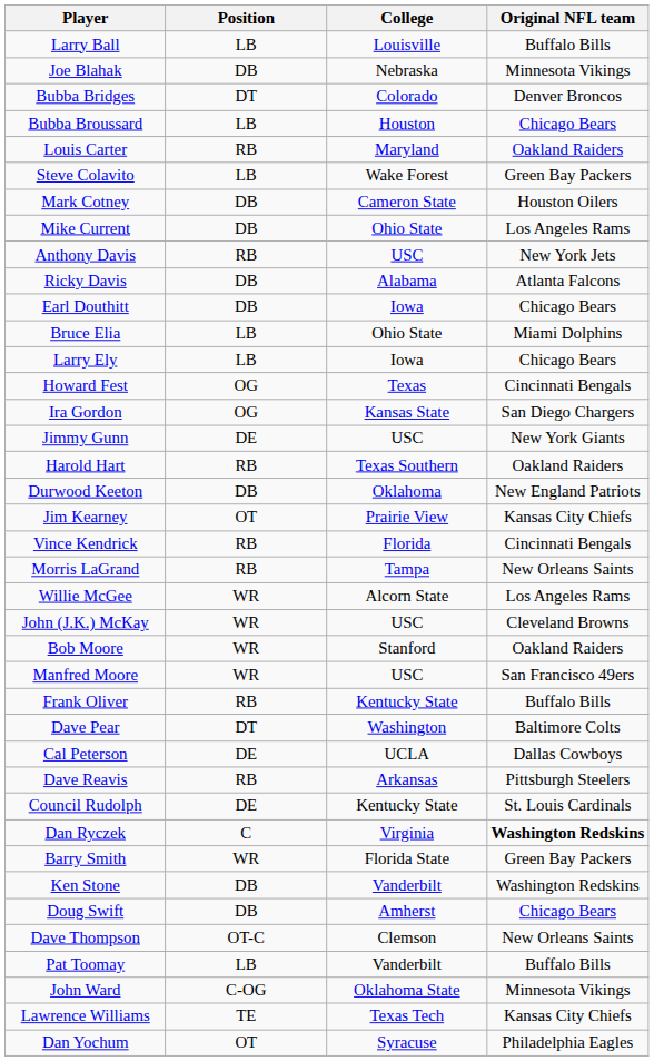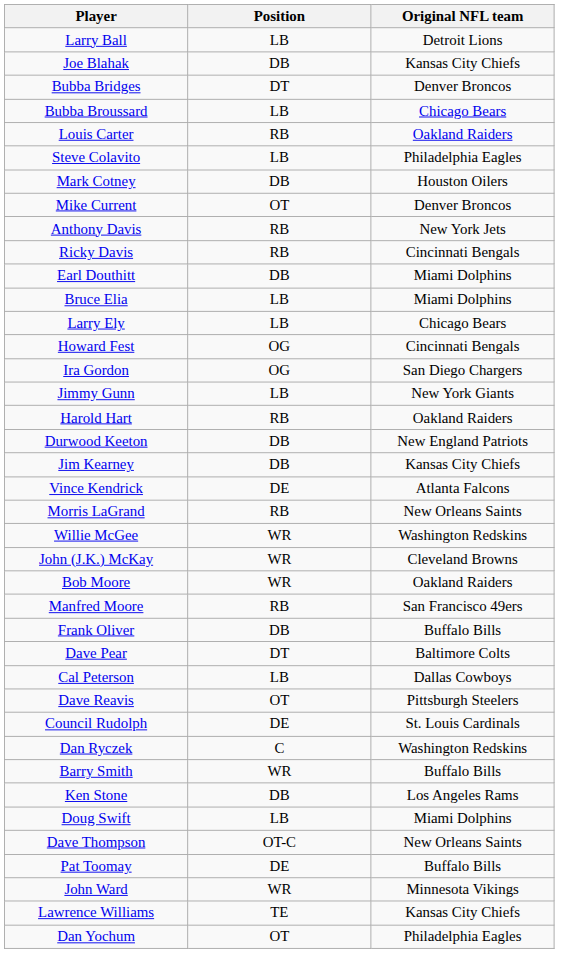 <table class="wikitable sortable sortable" style="text-align:center">
 <tr>
 <th width=25%>Player</th>
 <th width=25%>Position</th>
-<th width=25%>College</th>
 <th width=25%>Original NFL team</th>
 </tr>
 <tr>
 <td><a href='#'>Larry Ball</a></td>
 <td>LB</td>
-<td><a href='#'>Louisville</a></td>
-<td>Buffalo Bills</td>
+<td>Detroit Lions</td>
 </tr>
 <tr>
 <td><a href='#'>Joe Blahak</a></td>
 <td>DB</td>
-<td>Nebraska</td>
-<td>Minnesota Vikings</td>
+<td>Kansas City Chiefs</td>
 </tr>
 <tr>
 <td><a href='#'>Bubba Bridges</a></td>
 <td>DT</td>
-<td><a href='#'>Colorado</a></td>
 <td>Denver Broncos</td>
 </tr>
 <tr>
 <td><a href='#'>Bubba Broussard</a></td>
 <td>LB</td>
-<td><a href='#'>Houston</a></td>
 <td><a href='#'>Chicago Bears</a></td>
 </tr>
 <tr>
 <td><a href='#'>Louis Carter</a></td>
 <td>RB</td>
-<td><a href='#'>Maryland</a></td>
 <td><a href='#'>Oakland Raiders</a></td>
 </tr>
 <tr>
 <td><a href='#'>Steve Colavito</a></td>
 <td>LB</td>
-<td>Wake Forest</td>
-<td>Green Bay Packers</td>
+<td>Philadelphia Eagles</td>
 </tr>
 <tr>
 <td><a href='#'>Mark Cotney</a></td>
 <td>DB</td>
-<td><a href='#'>Cameron State</a></td>
 <td>Houston Oilers</td>
 </tr>
 <tr>
 <td><a href='#'>Mike Current</a></td>
-<td>DB</td>
-<td><a href='#'>Ohio State</a></td>
-<td>Los Angeles Rams</td>
+<td>OT</td>
+<td>Denver Broncos</td>
 </tr>
 <tr>
 <td><a href='#'>Anthony Davis</a></td>
 <td>RB</td>
-<td><a href='#'>USC</a></td>
 <td>New York Jets</td>
 </tr>
 <tr>
 <td><a href='#'>Ricky Davis</a></td>
-<td>DB</td>
-<td><a href='#'>Alabama</a></td>
-<td>Atlanta Falcons</td>
+<td>RB</td>
+<td>Cincinnati Bengals</td>
 </tr>
 <tr>
 <td><a href='#'>Earl Douthitt</a></td>
 <td>DB</td>
-<td><a href='#'>Iowa</a></td>
-<td>Chicago Bears</td>
+<td>Miami Dolphins</td>
 </tr>
 <tr>
 <td><a href='#'>Bruce Elia</a></td>
 <td>LB</td>
-<td>Ohio State</td>
 <td>Miami Dolphins</td>
 </tr>
 <tr>
 <td><a href='#'>Larry Ely</a></td>
 <td>LB</td>
-<td>Iowa</td>
 <td>Chicago Bears</td>
 </tr>
 <tr>
 <td><a href='#'>Howard Fest</a></td>
 <td>OG</td>
-<td><a href='#'>Texas</a></td>
 <td>Cincinnati Bengals</td>
 </tr>
 <tr>
 <td><a href='#'>Ira Gordon</a></td>
 <td>OG</td>
-<td><a href='#'>Kansas State</a></td>
 <td>San Diego Chargers</td>
 </tr>
 <tr>
 <td><a href='#'>Jimmy Gunn</a></td>
-<td>DE</td>
-<td>USC</td>
+<td>LB</td>
 <td>New York Giants</td>
 </tr>
 <tr>
 <td><a href='#'>Harold Hart</a></td>
 <td>RB</td>
-<td><a href='#'>Texas Southern</a></td>
 <td>Oakland Raiders</td>
 </tr>
 <tr>
 <td><a href='#'>Durwood Keeton</a></td>
 <td>DB</td>
-<td><a href='#'>Oklahoma</a></td>
 <td>New England Patriots</td>
 </tr>
 <tr>
 <td><a href='#'>Jim Kearney</a></td>
-<td>OT</td>
-<td><a href='#'>Prairie View</a></td>
+<td>DB</td>
 <td>Kansas City Chiefs</td>
 </tr>
 <tr>
 <td><a href='#'>Vince Kendrick</a></td>
-<td>RB</td>
-<td><a href='#'>Florida</a></td>
-<td>Cincinnati Bengals</td>
+<td>DE</td>
+<td>Atlanta Falcons</td>
 </tr>
 <tr>
 <td><a href='#'>Morris LaGrand</a></td>
 <td>RB</td>
-<td><a href='#'>Tampa</a></td>
 <td>New Orleans Saints</td>
 </tr>
 <tr>
 <td><a href='#'>Willie McGee</a></td>
 <td>WR</td>
-<td>Alcorn State</td>
-<td>Los Angeles Rams</td>
+<td>Washington Redskins</td>
 </tr>
 <tr>
 <td><a href='#'>John (J.K.) McKay</a></td>
 <td>WR</td>
-<td>USC</td>
 <td>Cleveland Browns</td>
 </tr>
 <tr>
 <td><a href='#'>Bob Moore</a></td>
 <td>WR</td>
-<td>Stanford</td>
 <td>Oakland Raiders</td>
 </tr>
 <tr>
 <td><a href='#'>Manfred Moore</a></td>
-<td>WR</td>
-<td>USC</td>
+<td>RB</td>
 <td>San Francisco 49ers</td>
 </tr>
 <tr>
 <td><a href='#'>Frank Oliver</a></td>
-<td>RB</td>
-<td><a href='#'>Kentucky State</a></td>
+<td>DB</td>
 <td>Buffalo Bills</td>
 </tr>
 <tr>
 <td><a href='#'>Dave Pear</a></td>
 <td>DT</td>
-<td><a href='#'>Washington</a></td>
 <td>Baltimore Colts</td>
 </tr>
 <tr>
 <td><a href='#'>Cal Peterson</a></td>
-<td>DE</td>
-<td>UCLA</td>
+<td>LB</td>
 <td>Dallas Cowboys</td>
 </tr>
 <tr>
 <td><a href='#'>Dave Reavis</a></td>
-<td>RB</td>
-<td><a href='#'>Arkansas</a></td>
+<td>OT</td>
 <td>Pittsburgh Steelers</td>
 </tr>
 <tr>
 <td><a href='#'>Council Rudolph</a></td>
 <td>DE</td>
-<td>Kentucky State</td>
 <td>St. Louis Cardinals</td>
 </tr>
 <tr>
 <td><a href='#'>Dan Ryczek</a></td>
 <td>C</td>
-<td><a href='#'>Virginia</a></td>
-<td><strong>Washington Redskins</strong></td>
+<td>Washington Redskins</td>
 </tr>
 <tr>
 <td><a href='#'>Barry Smith</a></td>
 <td>WR</td>
-<td>Florida State</td>
-<td>Green Bay Packers</td>
+<td>Buffalo Bills</td>
 </tr>
 <tr>
 <td><a href='#'>Ken Stone</a></td>
 <td>DB</td>
-<td><a href='#'>Vanderbilt</a></td>
-<td>Washington Redskins</td>
+<td>Los Angeles Rams</td>
 </tr>
 <tr>
 <td><a href='#'>Doug Swift</a></td>
-<td>DB</td>
-<td><a href='#'>Amherst</a></td>
-<td><a href='#'>Chicago Bears</a></td>
+<td>LB</td>
+<td>Miami Dolphins</td>
 </tr>
 <tr>
 <td><a href='#'>Dave Thompson</a></td>
 <td>OT-C</td>
-<td>Clemson</td>
 <td>New Orleans Saints</td>
 </tr>
 <tr>
 <td><a href='#'>Pat Toomay</a></td>
-<td>LB</td>
-<td>Vanderbilt</td>
+<td>DE</td>
 <td>Buffalo Bills</td>
 </tr>
 <tr>
 <td><a href='#'>John Ward</a></td>
-<td>C-OG</td>
-<td><a href='#'>Oklahoma State</a></td>
+<td>WR</td>
 <td>Minnesota Vikings</td>
 </tr>
 <tr>
 <td><a href='#'>Lawrence Williams</a></td>
 <td>TE</td>
-<td><a href='#'>Texas Tech</a></td>
 <td>Kansas City Chiefs</td>
 </tr>
 <tr>
 <td><a href='#'>Dan Yochum</a></td>
 <td>OT</td>
-<td><a href='#'>Syracuse</a></td>
 <td>Philadelphia Eagles</td>
 </tr>
 </table>
